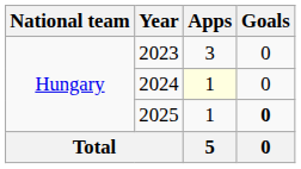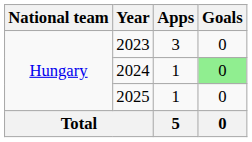 <table class="wikitable" style="text-align:center">
 <tr>
 <th>National team</th>
 <th>Year</th>
 <th>Apps</th>
 <th>Goals</th>
 </tr>
 <tr>
 <td rowspan="3"><a href='#'>Hungary</a></td>
 <td>2023</td>
 <td>3</td>
 <td>0</td>
 </tr>
 <tr>
 <td>2024</td>
-<td style="background: lightyellow;">1</td>
-<td>0</td>
+<td>1</td>
+<td style="background: lightgreen;">0</td>
 </tr>
 <tr>
 <td>2025</td>
 <td>1</td>
-<td><strong>0</strong></td>
+<td>0</td>
 </tr>
 <tr>
 <th colspan="2">Total</th>
 <th>5</th>
 <th>0</th>
 </tr>
 </table>
